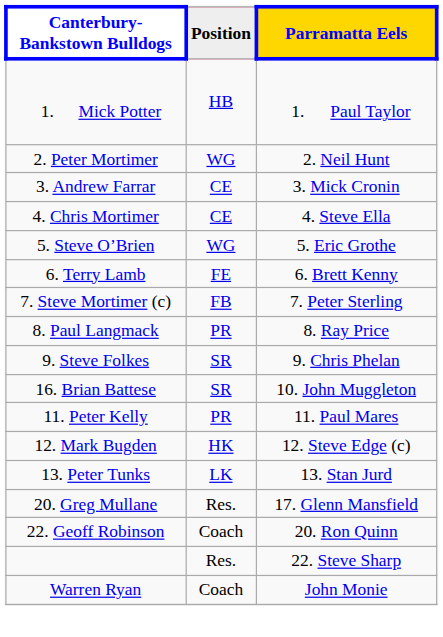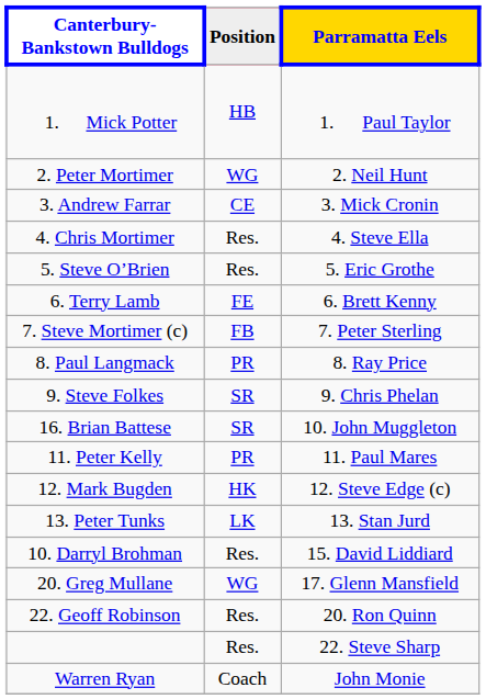 <table align="right" class="wikitable" style="font-size:90%; text-align:center; margin-left:1em">
 <tr bgcolor="#FF0033">
 <th style="width:140px; border:3px solid blue; background: white; color: blue">Canterbury-Bankstown Bulldogs</th>
 <th style="width:40px; text-align:center; background:#eee; color:black;">Position</th>
 <th style="width:140px; border:3px solid blue; background: gold; color: blue">Parramatta Eels</th>
 </tr>
 <tr>
 <td><br><ol><li><a href='#'>Mick Potter</a></li></ol></td>
 <td><a href='#'>HB</a></td>
 <td><br><ol><li><a href='#'>Paul Taylor</a></li></ol></td>
 </tr>
 <tr>
 <td>2. <a href='#'>Peter Mortimer</a></td>
 <td><a href='#'>WG</a></td>
 <td>2. <a href='#'>Neil Hunt</a></td>
 </tr>
 <tr>
 <td>3. <a href='#'>Andrew Farrar</a></td>
 <td><a href='#'>CE</a></td>
 <td>3. <a href='#'>Mick Cronin</a></td>
 </tr>
 <tr>
 <td>4. <a href='#'>Chris Mortimer</a></td>
-<td><a href='#'>CE</a></td>
+<td>Res.</td>
 <td>4. <a href='#'>Steve Ella</a></td>
 </tr>
 <tr>
 <td>5. <a href='#'>Steve O’Brien</a></td>
-<td><a href='#'>WG</a></td>
+<td>Res.</td>
 <td>5. <a href='#'>Eric Grothe</a></td>
 </tr>
 <tr>
 <td>6. <a href='#'>Terry Lamb</a></td>
 <td><a href='#'>FE</a></td>
 <td>6. <a href='#'>Brett Kenny</a></td>
 </tr>
 <tr>
 <td>7. <a href='#'>Steve Mortimer</a> (c)</td>
 <td><a href='#'>FB</a></td>
 <td>7. <a href='#'>Peter Sterling</a></td>
 </tr>
 <tr>
 <td>8. <a href='#'>Paul Langmack</a></td>
 <td><a href='#'>PR</a></td>
 <td>8. <a href='#'>Ray Price</a></td>
 </tr>
 <tr>
 <td>9. <a href='#'>Steve Folkes</a></td>
 <td><a href='#'>SR</a></td>
 <td>9. <a href='#'>Chris Phelan</a></td>
 </tr>
 <tr>
 <td>16. <a href='#'>Brian Battese</a></td>
 <td><a href='#'>SR</a></td>
 <td>10. <a href='#'>John Muggleton</a></td>
 </tr>
 <tr>
 <td>11. <a href='#'>Peter Kelly</a></td>
 <td><a href='#'>PR</a></td>
 <td>11. <a href='#'>Paul Mares</a></td>
 </tr>
 <tr>
 <td>12. <a href='#'>Mark Bugden</a></td>
 <td><a href='#'>HK</a></td>
 <td>12. <a href='#'>Steve Edge</a> (c)</td>
 </tr>
 <tr>
 <td>13. <a href='#'>Peter Tunks</a></td>
 <td><a href='#'>LK</a></td>
 <td>13. <a href='#'>Stan Jurd</a></td>
 </tr>
 <tr>
+<td>10. <a href='#'>Darryl Brohman</a></td>
+<td>Res.</td>
+<td>15. <a href='#'>David Liddiard</a></td>
+</tr>
+<tr>
 <td>20. <a href='#'>Greg Mullane</a></td>
-<td>Res.</td>
+<td><a href='#'>WG</a></td>
 <td>17. <a href='#'>Glenn Mansfield</a></td>
 </tr>
 <tr>
 <td>22. <a href='#'>Geoff Robinson</a></td>
-<td>Coach</td>
+<td>Res.</td>
 <td>20. <a href='#'>Ron Quinn</a></td>
 </tr>
 <tr>
 <td></td>
 <td>Res.</td>
 <td>22. <a href='#'>Steve Sharp</a></td>
 </tr>
 <tr>
 <td><a href='#'>Warren Ryan</a></td>
 <td>Coach</td>
 <td><a href='#'>John Monie</a></td>
 </tr>
 <tr>
 </tr>
 </table>
